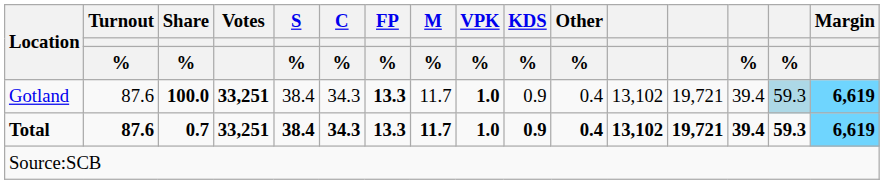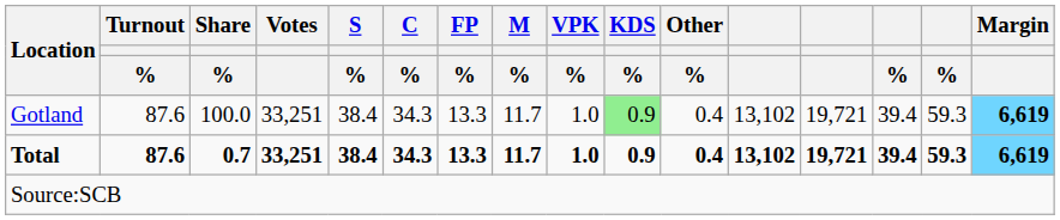 <table class="wikitable sortable" style="text-align:right; font-size:95%; line-height:20px;">
 <tr>
 <th rowspan="3">Location</th>
 <th>Turnout</th>
 <th>Share</th>
 <th>Votes</th>
 <th width="30px" class="unsortable"><a href='#'>S</a></th>
 <th width="30px" class="unsortable"><a href='#'>C</a></th>
 <th width="30px" class="unsortable"><a href='#'>FP</a></th>
 <th width="30px" class="unsortable"><a href='#'>M</a></th>
 <th width="30px" class="unsortable"><a href='#'>VPK</a></th>
 <th width="30px" class="unsortable"><a href='#'>KDS</a></th>
 <th width="30px" class="unsortable">Other</th>
 <th></th>
 <th></th>
 <th></th>
 <th></th>
 <th>Margin</th>
 </tr>
 <tr>
 <th></th>
 <th></th>
 <th></th>
 <th style="background:"></th>
 <th style="background:"></th>
 <th style="background:"></th>
 <th style="background:"></th>
 <th style="background:"></th>
 <th style="background:"></th>
 <th style="background:"></th>
 <th style="background:"></th>
 <th style="background:"></th>
 <th style="background:"></th>
 <th style="background:"></th>
 <th></th>
 </tr>
 <tr>
 <th data-sort-type="number">%</th>
 <th data-sort-type="number">%</th>
 <th></th>
 <th data-sort-type="number">%</th>
 <th data-sort-type="number">%</th>
 <th data-sort-type="number">%</th>
 <th data-sort-type="number">%</th>
 <th data-sort-type="number">%</th>
 <th data-sort-type="number">%</th>
 <th data-sort-type="number">%</th>
 <th data-sort-type="number"></th>
 <th data-sort-type="number"></th>
 <th data-sort-type="number">%</th>
 <th data-sort-type="number">%</th>
 <th data-sort-type="number"></th>
 </tr>
 <tr>
 <td align=left><a href='#'>Gotland</a></td>
 <td>87.6</td>
-<td><strong>100.0</strong></td>
-<td><strong>33,251</strong></td>
+<td>100.0</td>
+<td>33,251</td>
 <td>38.4</td>
 <td>34.3</td>
-<td><strong>13.3</strong></td>
+<td>13.3</td>
 <td>11.7</td>
-<td><strong>1.0</strong></td>
-<td>0.9</td>
+<td>1.0</td>
+<td style="background: lightgreen;">0.9</td>
 <td>0.4</td>
 <td>13,102</td>
 <td>19,721</td>
 <td>39.4</td>
-<td style="background: lightblue;">59.3</td>
+<td>59.3</td>
 <td bgcolor=#6fd5fe><strong>6,619</strong></td>
 </tr>
 <tr>
 <td align=left><strong>Total</strong></td>
 <td><strong>87.6</strong></td>
 <td><strong>0.7</strong></td>
 <td><strong>33,251</strong></td>
 <td><strong>38.4</strong></td>
 <td><strong>34.3</strong></td>
 <td><strong>13.3</strong></td>
 <td><strong>11.7</strong></td>
 <td><strong>1.0</strong></td>
 <td><strong>0.9</strong></td>
 <td><strong>0.4</strong></td>
 <td><strong>13,102</strong></td>
 <td><strong>19,721</strong></td>
 <td><strong>39.4</strong></td>
 <td><strong>59.3</strong></td>
 <td bgcolor=#6fd5fe><strong>6,619</strong></td>
 </tr>
 <tr>
 <td align=left colspan=16>Source:SCB </td>
 </tr>
 </table>
